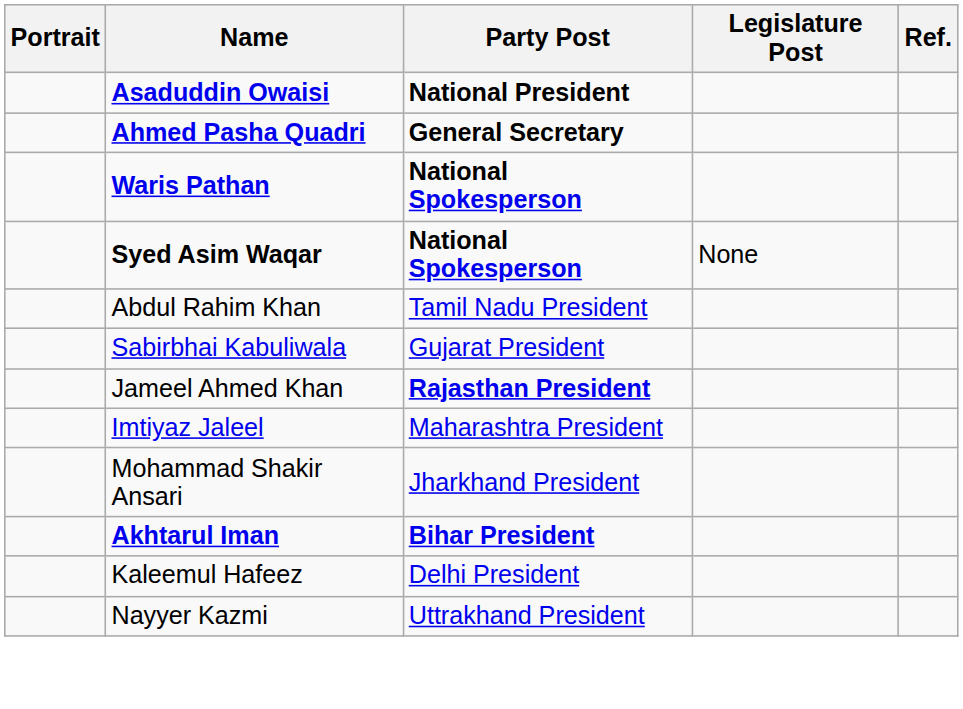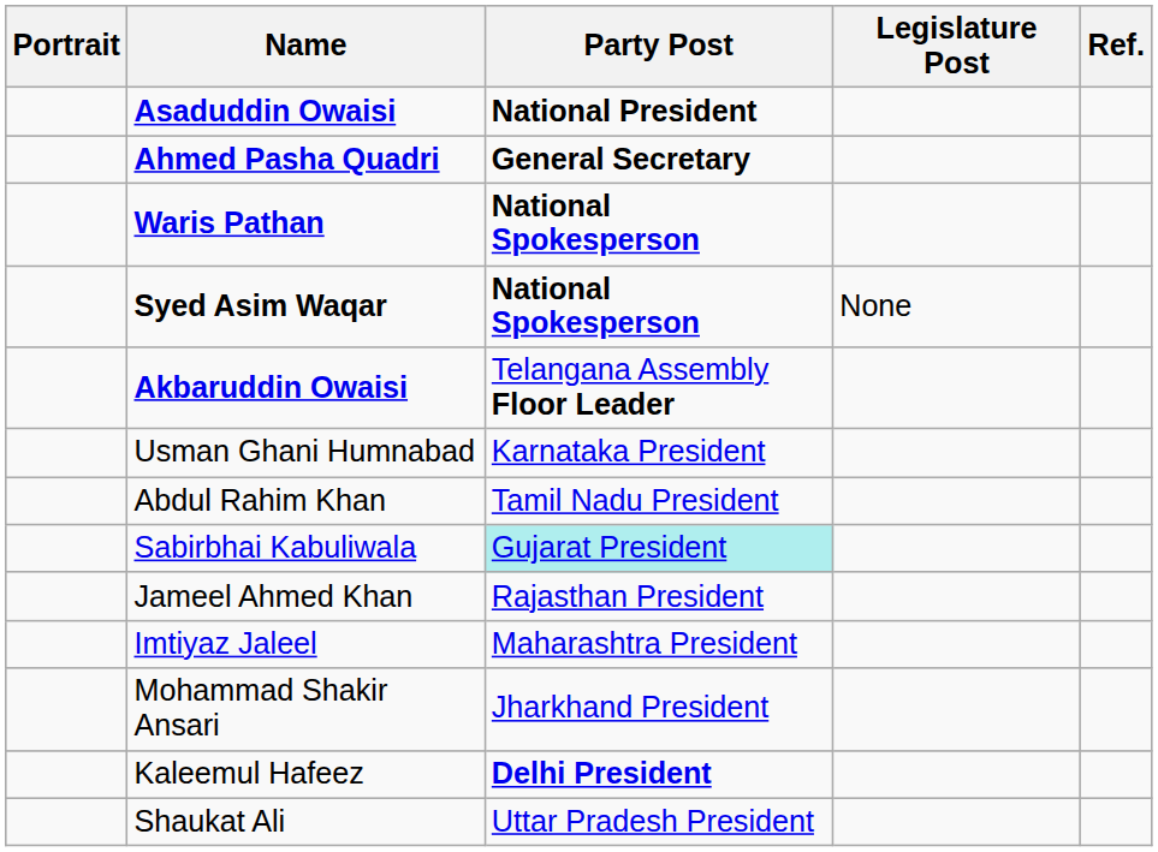 <table class="wikitable sortable">
 <tr>
 <th Style="background-color:">Portrait</th>
 <th ! Style="background-color:">Name</th>
 <th ! Style="background-color:">Party Post</th>
 <th ! Style="background-color:">Legislature Post</th>
 <th ! Style="background-color:">Ref.</th>
 </tr>
 <tr>
 <td></td>
 <td><strong><a href='#'>Asaduddin Owaisi</a></strong></td>
 <td><strong>National President</strong></td>
 <td></td>
 <td></td>
 </tr>
 <tr>
 <td></td>
 <td><strong><a href='#'>Ahmed Pasha Quadri</a></strong></td>
 <td><strong>General Secretary</strong></td>
 <td></td>
 <td></td>
 </tr>
 <tr>
 <td></td>
 <td><strong><a href='#'>Waris Pathan</a></strong></td>
 <td><strong>National <a href='#'>Spokesperson</a></strong></td>
 <td></td>
 <td></td>
 </tr>
 <tr>
 <td></td>
 <td><strong>Syed Asim Waqar</strong></td>
 <td><strong>National <a href='#'>Spokesperson</a></strong></td>
 <td>None</td>
 <td></td>
 </tr>
 <tr>
 <td></td>
+<td><strong><a href='#'>Akbaruddin Owaisi</a></strong></td>
+<td><a href='#'>Telangana Assembly</a><br> <strong>Floor Leader</strong></td>
+<td></td>
+<td></td>
+</tr>
+<tr>
+<td></td>
+<td>Usman Ghani Humnabad</td>
+<td><a href='#'>Karnataka President</a></td>
+<td></td>
+<td></td>
+</tr>
+<tr>
+<td></td>
 <td>Abdul Rahim Khan</td>
 <td><a href='#'>Tamil Nadu President</a></td>
 <td></td>
 <td></td>
 </tr>
 <tr>
 <td></td>
 <td><a href='#'>Sabirbhai Kabuliwala</a></td>
-<td><a href='#'>Gujarat President</a></td>
+<td style="background: paleturquoise;"><a href='#'>Gujarat President</a></td>
 <td></td>
 <td></td>
 </tr>
 <tr>
 <td></td>
 <td>Jameel Ahmed Khan</td>
-<td><strong><a href='#'>Rajasthan President</a></strong></td>
+<td><a href='#'>Rajasthan President</a></td>
 <td></td>
 <td></td>
 </tr>
 <tr>
 <td></td>
 <td><a href='#'>Imtiyaz Jaleel</a></td>
 <td><a href='#'>Maharashtra President</a></td>
 <td></td>
 <td></td>
 </tr>
 <tr>
 <td></td>
 <td>Mohammad Shakir Ansari</td>
 <td><a href='#'>Jharkhand President</a></td>
 <td></td>
 <td></td>
 </tr>
 <tr>
 <td></td>
-<td><strong><a href='#'>Akhtarul Iman</a></strong></td>
-<td><a href='#'><strong>Bihar</strong> <strong>President</strong></a></td>
+<td>Kaleemul Hafeez</td>
+<td><strong><a href='#'>Delhi President</a></strong></td>
 <td></td>
 <td></td>
 </tr>
 <tr>
 <td></td>
-<td>Kaleemul Hafeez</td>
-<td><a href='#'>Delhi President</a></td>
-<td></td>
-<td></td>
-</tr>
-<tr>
-<td></td>
-<td>Nayyer Kazmi</td>
-<td><a href='#'>Uttrakhand President</a></td>
+<td>Shaukat Ali</td>
+<td><a href='#'>Uttar Pradesh President</a></td>
 <td></td>
 <td></td>
 </tr>
 </table>
